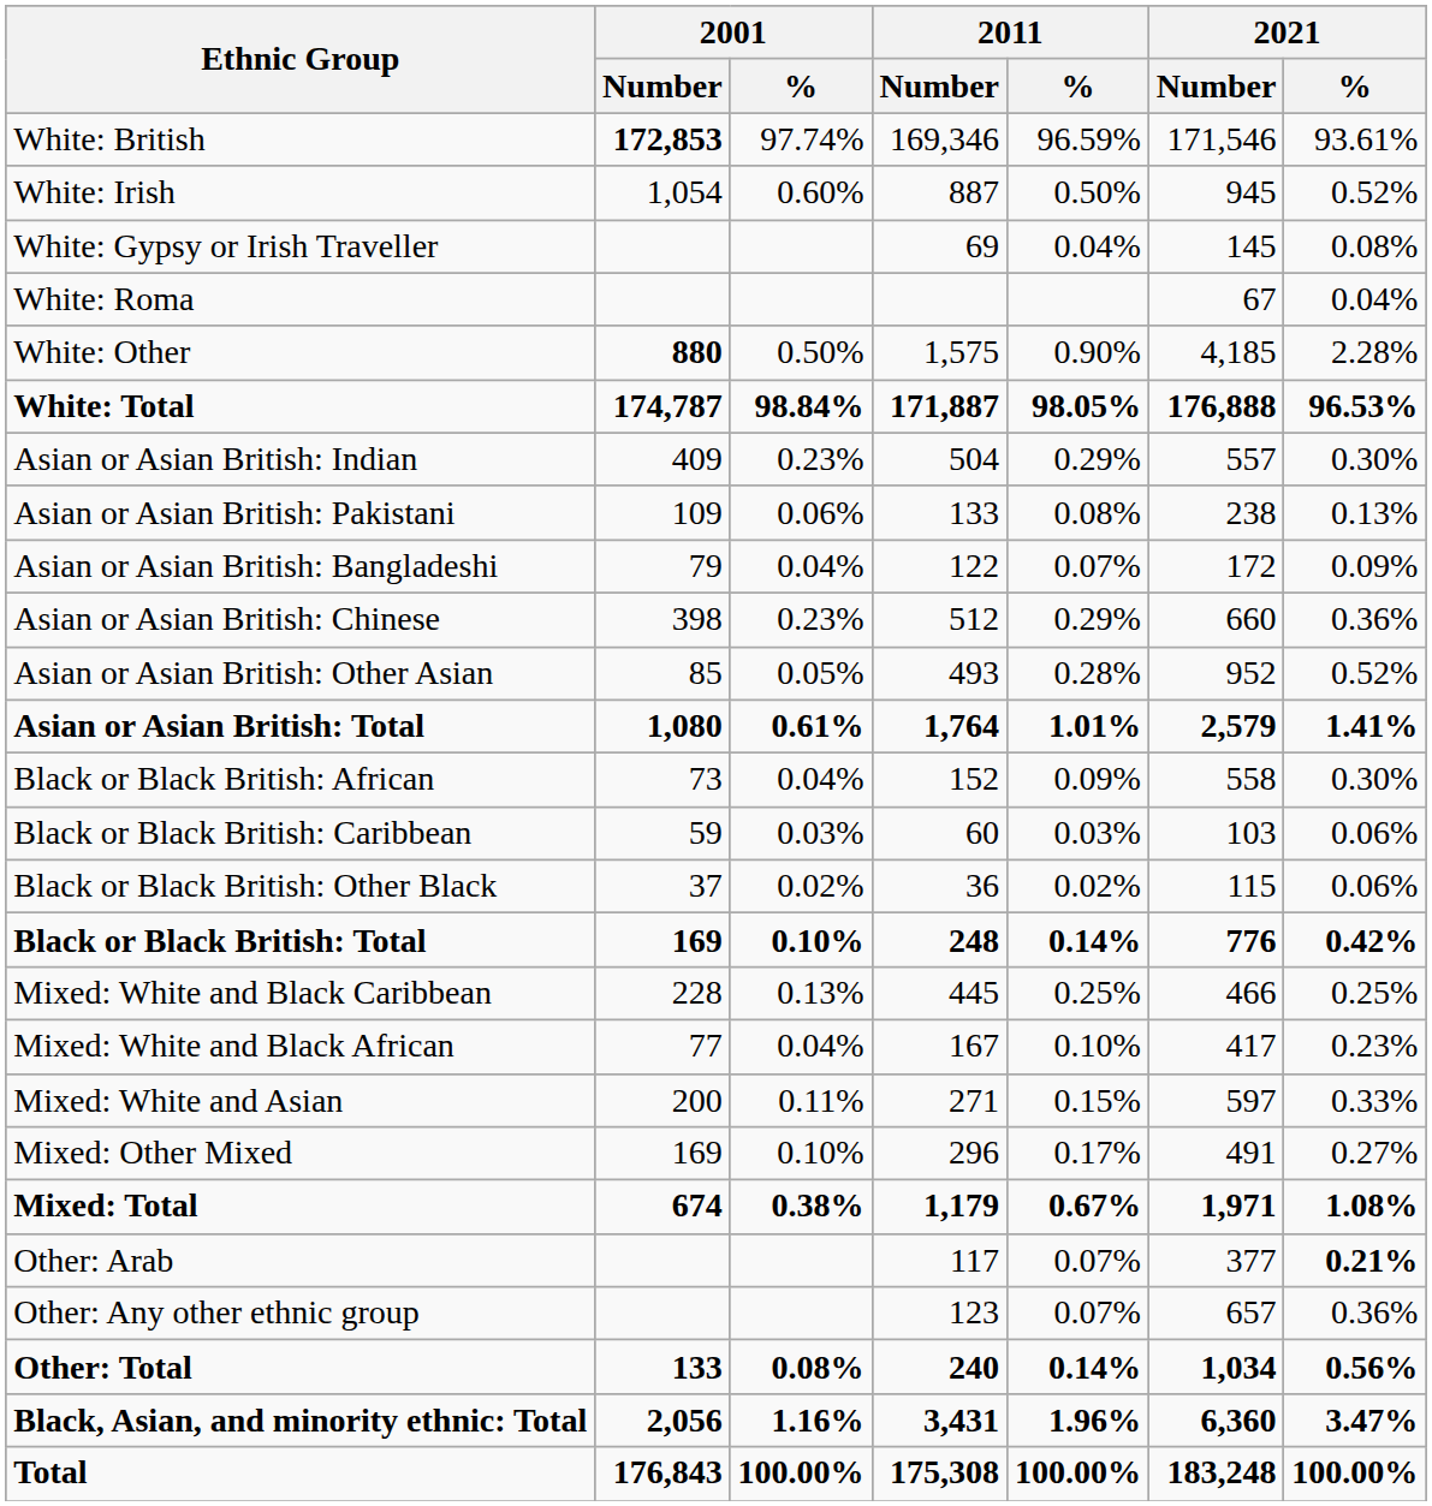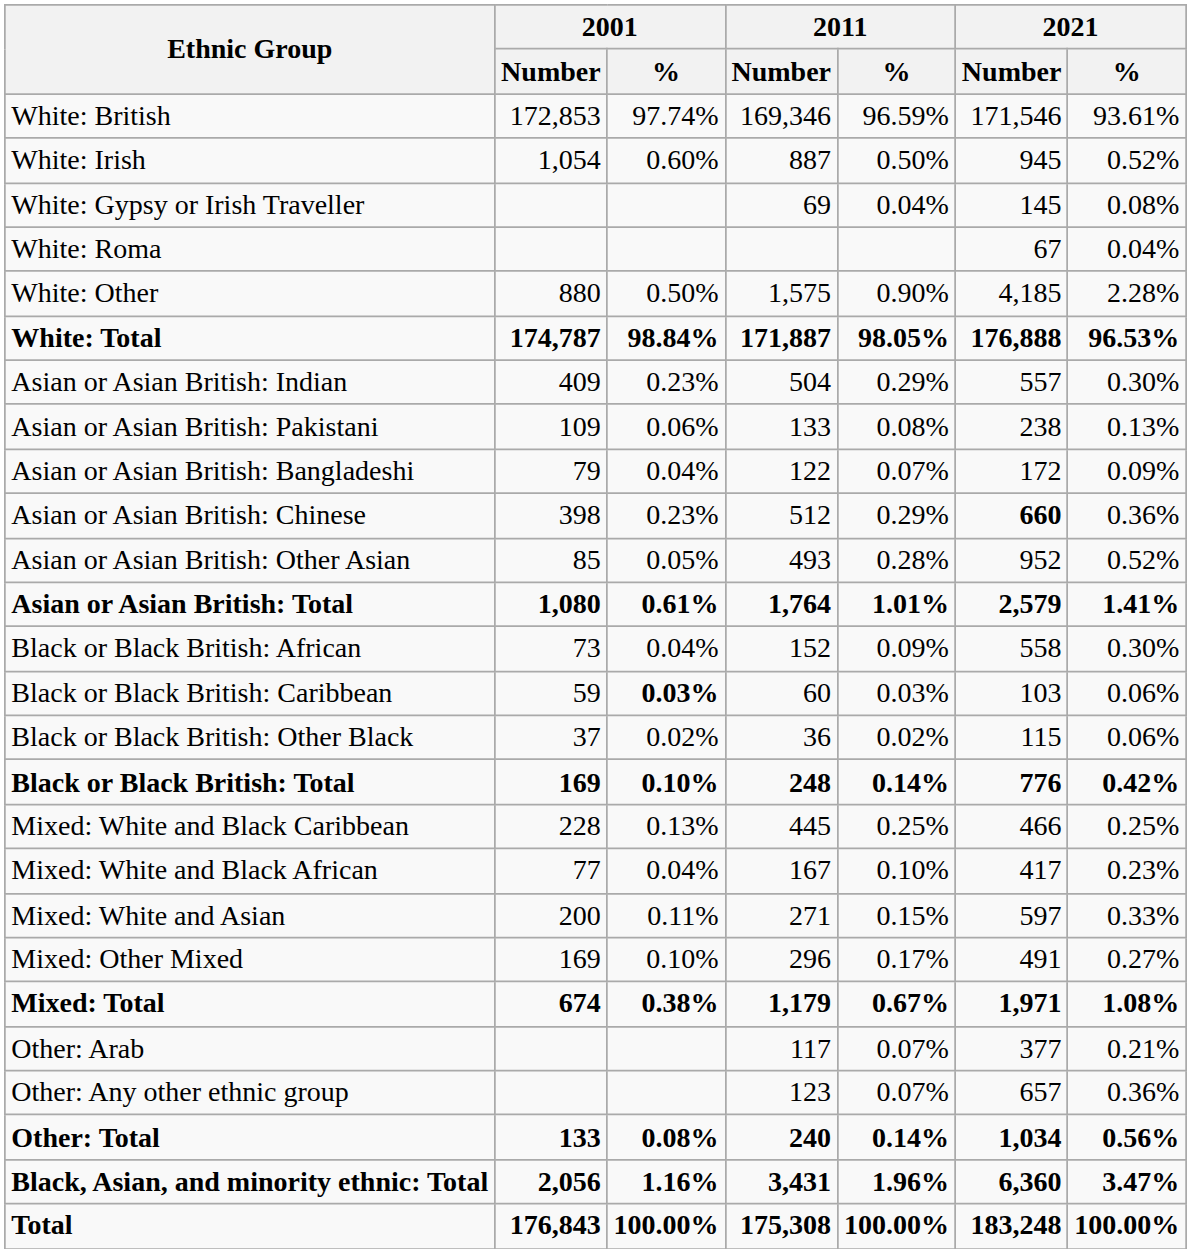 <table class="wikitable sortable" style="text-align:right">
 <tr>
 <th rowspan="2">Ethnic Group</th>
 <th colspan="2">2001</th>
 <th colspan="2">2011</th>
 <th colspan="2">2021</th>
 </tr>
 <tr>
 <th>Number</th>
 <th>%</th>
 <th>Number</th>
 <th>%</th>
 <th>Number</th>
 <th>%</th>
 </tr>
 <tr>
 <td style="text-align:left">White: British</td>
-<td><strong>172,853</strong></td>
+<td>172,853</td>
 <td>97.74%</td>
 <td>169,346</td>
 <td>96.59%</td>
 <td>171,546</td>
 <td>93.61%</td>
 </tr>
 <tr>
 <td style="text-align:left">White: Irish</td>
 <td>1,054</td>
 <td>0.60%</td>
 <td>887</td>
 <td>0.50%</td>
 <td>945</td>
 <td>0.52%</td>
 </tr>
 <tr>
 <td style="text-align:left">White: Gypsy or Irish Traveller</td>
 <td></td>
 <td></td>
 <td>69</td>
 <td>0.04%</td>
 <td>145</td>
 <td>0.08%</td>
 </tr>
 <tr>
 <td style="text-align:left">White: Roma</td>
 <td></td>
 <td></td>
 <td></td>
 <td></td>
 <td>67</td>
 <td>0.04%</td>
 </tr>
 <tr>
 <td style="text-align:left">White: Other</td>
-<td><strong>880</strong></td>
+<td>880</td>
 <td>0.50%</td>
 <td>1,575</td>
 <td>0.90%</td>
 <td>4,185</td>
 <td>2.28%</td>
 </tr>
 <tr>
 <td style="text-align:left"><strong>White: Total</strong></td>
 <td><strong>174,787</strong></td>
 <td><strong>98.84%</strong></td>
 <td><strong>171,887</strong></td>
 <td><strong>98.05%</strong></td>
 <td><strong>176,888</strong></td>
 <td><strong>96.53%</strong></td>
 </tr>
 <tr>
 <td style="text-align:left">Asian or Asian British: Indian</td>
 <td>409</td>
 <td>0.23%</td>
 <td>504</td>
 <td>0.29%</td>
 <td>557</td>
 <td>0.30%</td>
 </tr>
 <tr>
 <td style="text-align:left">Asian or Asian British: Pakistani</td>
 <td>109</td>
 <td>0.06%</td>
 <td>133</td>
 <td>0.08%</td>
 <td>238</td>
 <td>0.13%</td>
 </tr>
 <tr>
 <td style="text-align:left">Asian or Asian British: Bangladeshi</td>
 <td>79</td>
 <td>0.04%</td>
 <td>122</td>
 <td>0.07%</td>
 <td>172</td>
 <td>0.09%</td>
 </tr>
 <tr>
 <td style="text-align:left">Asian or Asian British: Chinese</td>
 <td>398</td>
 <td>0.23%</td>
 <td>512</td>
 <td>0.29%</td>
-<td>660</td>
+<td><strong>660</strong></td>
 <td>0.36%</td>
 </tr>
 <tr>
 <td style="text-align:left">Asian or Asian British: Other Asian</td>
 <td>85</td>
 <td>0.05%</td>
 <td>493</td>
 <td>0.28%</td>
 <td>952</td>
 <td>0.52%</td>
 </tr>
 <tr>
 <td style="text-align:left"><strong>Asian or Asian British: Total</strong></td>
 <td><strong>1,080</strong></td>
 <td><strong>0.61%</strong></td>
 <td><strong>1,764</strong></td>
 <td><strong>1.01%</strong></td>
 <td><strong>2,579</strong></td>
 <td><strong>1.41%</strong></td>
 </tr>
 <tr>
 <td style="text-align:left">Black or Black British: African</td>
 <td>73</td>
 <td>0.04%</td>
 <td>152</td>
 <td>0.09%</td>
 <td>558</td>
 <td>0.30%</td>
 </tr>
 <tr>
 <td style="text-align:left">Black or Black British: Caribbean</td>
 <td>59</td>
-<td>0.03%</td>
+<td><strong>0.03%</strong></td>
 <td>60</td>
 <td>0.03%</td>
 <td>103</td>
 <td>0.06%</td>
 </tr>
 <tr>
 <td style="text-align:left">Black or Black British: Other Black</td>
 <td>37</td>
 <td>0.02%</td>
 <td>36</td>
 <td>0.02%</td>
 <td>115</td>
 <td>0.06%</td>
 </tr>
 <tr>
 <td style="text-align:left"><strong>Black or Black British: Total</strong></td>
 <td><strong>169</strong></td>
 <td><strong>0.10%</strong></td>
 <td><strong>248</strong></td>
 <td><strong>0.14%</strong></td>
 <td><strong>776</strong></td>
 <td><strong>0.42%</strong></td>
 </tr>
 <tr>
 <td style="text-align:left">Mixed: White and Black Caribbean</td>
 <td>228</td>
 <td>0.13%</td>
 <td>445</td>
 <td>0.25%</td>
 <td>466</td>
 <td>0.25%</td>
 </tr>
 <tr>
 <td style="text-align:left">Mixed: White and Black African</td>
 <td>77</td>
 <td>0.04%</td>
 <td>167</td>
 <td>0.10%</td>
 <td>417</td>
 <td>0.23%</td>
 </tr>
 <tr>
 <td style="text-align:left">Mixed: White and Asian</td>
 <td>200</td>
 <td>0.11%</td>
 <td>271</td>
 <td>0.15%</td>
 <td>597</td>
 <td>0.33%</td>
 </tr>
 <tr>
 <td style="text-align:left">Mixed: Other Mixed</td>
 <td>169</td>
 <td>0.10%</td>
 <td>296</td>
 <td>0.17%</td>
 <td>491</td>
 <td>0.27%</td>
 </tr>
 <tr>
 <td style="text-align:left"><strong>Mixed: Total</strong></td>
 <td><strong>674</strong></td>
 <td><strong>0.38%</strong></td>
 <td><strong>1,179</strong></td>
 <td><strong>0.67%</strong></td>
 <td><strong>1,971</strong></td>
 <td><strong>1.08%</strong></td>
 </tr>
 <tr>
 <td style="text-align:left">Other: Arab</td>
 <td></td>
 <td></td>
 <td>117</td>
 <td>0.07%</td>
 <td>377</td>
-<td><strong>0.21%</strong></td>
+<td>0.21%</td>
 </tr>
 <tr>
 <td style="text-align:left">Other: Any other ethnic group</td>
 <td></td>
 <td></td>
 <td>123</td>
 <td>0.07%</td>
 <td>657</td>
 <td>0.36%</td>
 </tr>
 <tr 5>
 <td style="text-align:left"><strong>Other: Total</strong></td>
 <td><strong>133</strong></td>
 <td><strong>0.08%</strong></td>
 <td><strong>240</strong></td>
 <td><strong>0.14%</strong></td>
 <td><strong>1,034</strong></td>
 <td><strong>0.56%</strong></td>
 </tr>
 <tr>
 <td style="text-align:left"><strong>Black, Asian, and minority ethnic: Total</strong></td>
 <td><strong>2,056</strong></td>
 <td><strong>1.16%</strong></td>
 <td><strong>3,431</strong></td>
 <td><strong>1.96%</strong></td>
 <td><strong>6,360</strong></td>
 <td><strong>3.47%</strong></td>
 </tr>
 <tr>
 <td style="text-align:left"><strong>Total</strong></td>
 <td><strong>176,843</strong></td>
 <td><strong>100.00%</strong></td>
 <td><strong>175,308</strong></td>
 <td><strong>100.00%</strong></td>
 <td><strong>183,248</strong></td>
 <td><strong>100.00%</strong></td>
 </tr>
 </table>
